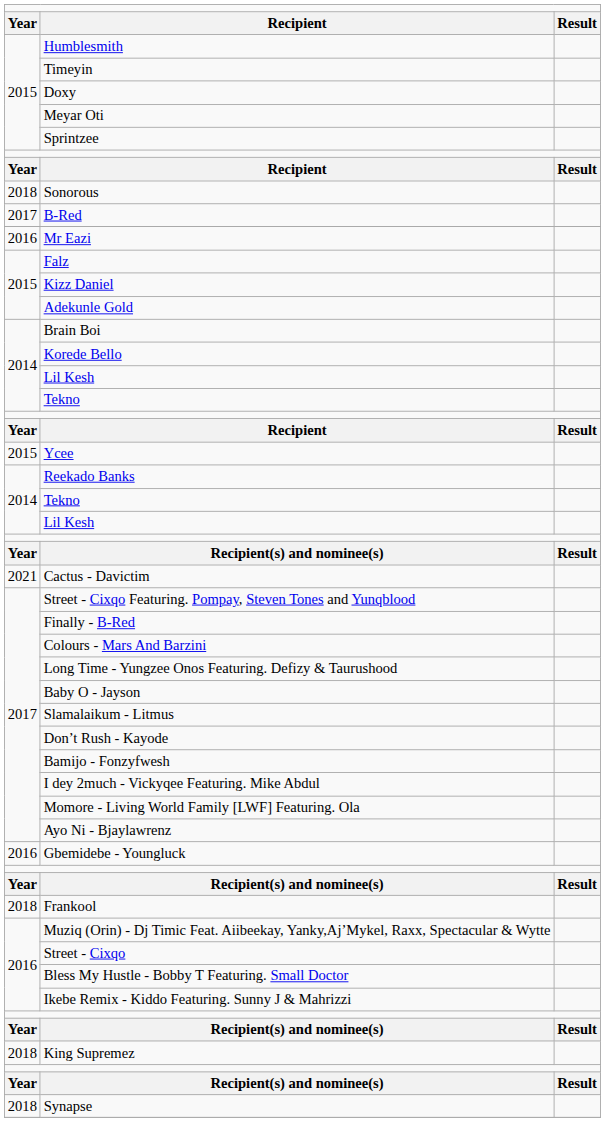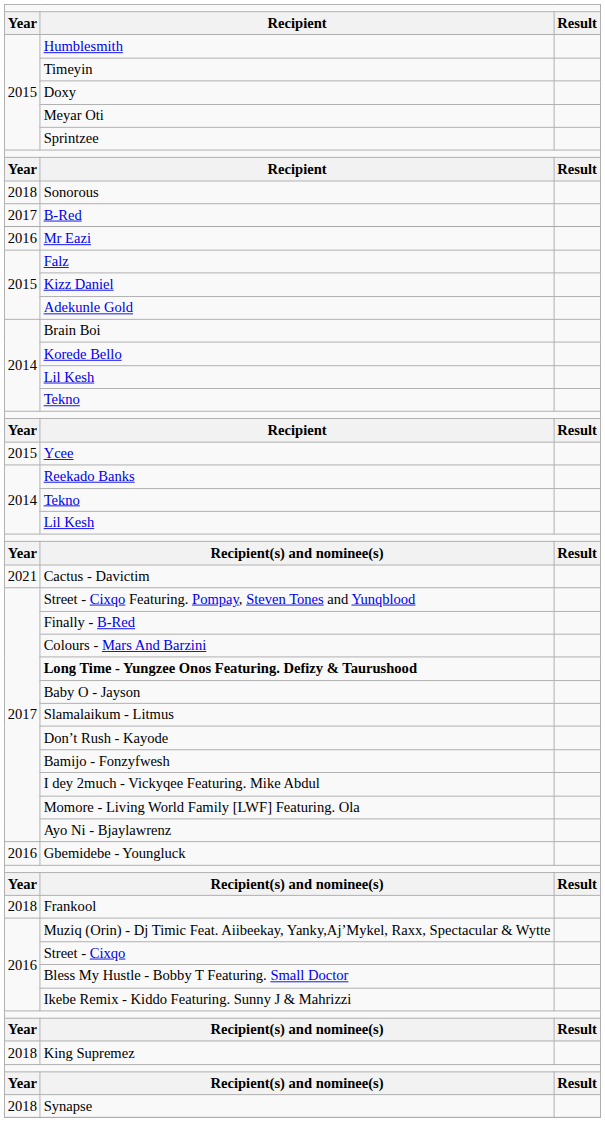 <table class ="wikitable">
 <tr>
 <td colspan="4" style="font-size:110%"></td>
 </tr>
 <tr>
 <th>Year</th>
 <th>Recipient</th>
 <th>Result</th>
 </tr>
 <tr>
 <td rowspan="5">2015</td>
 <td><a href='#'>Humblesmith</a></td>
 <td></td>
 </tr>
 <tr>
 <td>Timeyin</td>
 <td></td>
 </tr>
 <tr>
 <td>Doxy</td>
 <td></td>
 </tr>
 <tr>
 <td>Meyar Oti</td>
 <td></td>
 </tr>
 <tr>
 <td>Sprintzee</td>
 <td></td>
 </tr>
 <tr>
 <td colspan="4" style="font-size:110%"></td>
 </tr>
 <tr>
 <th>Year</th>
 <th>Recipient</th>
 <th>Result</th>
 </tr>
 <tr>
 <td rowspan="1">2018</td>
 <td>Sonorous</td>
 <td></td>
 </tr>
 <tr>
 <td rowspan="1">2017</td>
 <td><a href='#'>B-Red</a></td>
 <td></td>
 </tr>
 <tr>
 </tr>
 <tr>
 <td rowspan="1">2016</td>
 <td><a href='#'>Mr Eazi</a></td>
 <td></td>
 </tr>
 <tr>
 <td rowspan="3">2015</td>
 <td><a href='#'>Falz</a></td>
 <td></td>
 </tr>
 <tr>
 <td><a href='#'>Kizz Daniel</a></td>
 <td></td>
 </tr>
 <tr>
 <td><a href='#'>Adekunle Gold</a></td>
 <td></td>
 </tr>
 <tr>
 <td rowspan="4">2014</td>
 <td>Brain Boi</td>
 <td></td>
 </tr>
 <tr>
 <td><a href='#'>Korede Bello</a></td>
 <td></td>
 </tr>
 <tr>
 <td><a href='#'>Lil Kesh</a></td>
 <td></td>
 </tr>
 <tr>
 <td><a href='#'>Tekno</a></td>
 <td></td>
 </tr>
 <tr>
 <td colspan="4" style="font-size:110%"></td>
 </tr>
 <tr>
 <th>Year</th>
 <th>Recipient</th>
 <th>Result</th>
 </tr>
 <tr>
 <td>2015</td>
 <td><a href='#'>Ycee</a></td>
 <td></td>
 </tr>
 <tr>
 <td rowspan="3">2014</td>
 <td><a href='#'>Reekado Banks</a></td>
 <td></td>
 </tr>
 <tr>
 <td><a href='#'>Tekno</a></td>
 <td></td>
 </tr>
 <tr>
 <td><a href='#'>Lil Kesh</a></td>
 <td></td>
 </tr>
 <tr>
 <td colspan="4" style="font-size:110%"></td>
 </tr>
 <tr>
 <th>Year</th>
 <th>Recipient(s) and nominee(s)</th>
 <th>Result</th>
 </tr>
 <tr>
 <td rowspan="1">2021</td>
 <td>Cactus - Davictim</td>
 <td></td>
 </tr>
 <tr>
 <td rowspan="11">2017</td>
 <td>Street - <a href='#'>Cixqo</a> Featuring. <a href='#'>Pompay</a>, <a href='#'>Steven Tones</a> and <a href='#'>Yunqblood</a></td>
 <td></td>
 </tr>
 <tr>
 <td>Finally - <a href='#'>B-Red</a></td>
 <td></td>
 </tr>
 <tr>
 <td>Colours - <a href='#'>Mars And Barzini</a></td>
 <td></td>
 </tr>
 <tr>
-<td>Long Time - Yungzee Onos Featuring. Defizy & Taurushood</td>
+<td><strong>Long Time - Yungzee Onos Featuring. Defizy & Taurushood</strong></td>
 <td></td>
 </tr>
 <tr>
 <td>Baby O - Jayson</td>
 <td></td>
 </tr>
 <tr>
 <td>Slamalaikum - Litmus</td>
 <td></td>
 </tr>
 <tr>
 <td>Don’t Rush - Kayode</td>
 <td></td>
 </tr>
 <tr>
 <td>Bamijo - Fonzyfwesh</td>
 <td></td>
 </tr>
 <tr>
 <td>I dey 2much - Vickyqee Featuring. Mike Abdul</td>
 <td></td>
 </tr>
 <tr>
 <td>Momore - Living World Family [LWF] Featuring. Ola</td>
 <td></td>
 </tr>
 <tr>
 <td>Ayo Ni - Bjaylawrenz</td>
 <td></td>
 </tr>
 <tr>
 <td rowspan="1">2016</td>
 <td>Gbemidebe - Youngluck</td>
 <td></td>
 </tr>
 <tr>
 <td colspan="4" style="font-size:110%"></td>
 </tr>
 <tr>
 <th>Year</th>
 <th>Recipient(s) and nominee(s)</th>
 <th>Result</th>
 </tr>
 <tr>
 <td rowspan="1">2018</td>
 <td>Frankool</td>
 <td></td>
 </tr>
 <tr>
 <td rowspan="4">2016</td>
 <td>Muziq (Orin) - Dj Timic Feat. Aiibeekay, Yanky,Aj’Mykel, Raxx, Spectacular & Wytte</td>
 <td></td>
 </tr>
 <tr>
 <td>Street - <a href='#'>Cixqo</a></td>
 <td></td>
 </tr>
 <tr>
 <td>Bless My Hustle - Bobby T Featuring. <a href='#'>Small Doctor</a></td>
 <td></td>
 </tr>
 <tr>
 <td>Ikebe Remix - Kiddo Featuring. Sunny J & Mahrizzi</td>
 <td></td>
 </tr>
 <tr>
 <td colspan="4" style="font-size:110%"></td>
 </tr>
 <tr>
 <th>Year</th>
 <th>Recipient(s) and nominee(s)</th>
 <th>Result</th>
 </tr>
 <tr>
 <td rowspan="1">2018</td>
 <td>King Supremez</td>
 <td></td>
 </tr>
 <tr>
 <td colspan="4" style="font-size:110%"></td>
 </tr>
 <tr>
 <th>Year</th>
 <th>Recipient(s) and nominee(s)</th>
 <th>Result</th>
 </tr>
 <tr>
 <td rowspan="1">2018</td>
 <td>Synapse</td>
 <td></td>
 </tr>
 <tr>
 </tr>
 </table>
